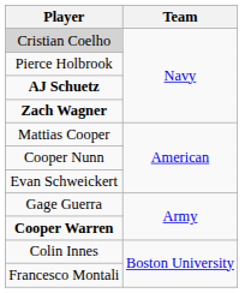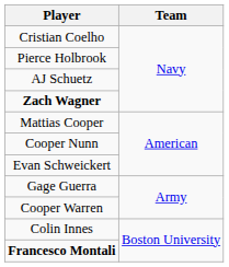 <table class="wikitable" style="text-align: center;">
 <tr>
 <th>Player</th>
 <th>Team</th>
 </tr>
 <tr>
-<td style="background: lightgrey;">Cristian Coelho</td>
+<td>Cristian Coelho</td>
 <td rowspan=4><a href='#'>Navy</a></td>
 </tr>
 <tr>
 <td>Pierce Holbrook</td>
 </tr>
 <tr>
-<td><strong>AJ Schuetz</strong></td>
+<td>AJ Schuetz</td>
 </tr>
 <tr>
 <td><strong>Zach Wagner</strong></td>
 </tr>
 <tr>
 <td>Mattias Cooper</td>
 <td rowspan=3><a href='#'>American</a></td>
 </tr>
 <tr>
 <td>Cooper Nunn</td>
 </tr>
 <tr>
 <td>Evan Schweickert</td>
 </tr>
 <tr>
 <td>Gage Guerra</td>
 <td rowspan=2><a href='#'>Army</a></td>
 </tr>
 <tr>
-<td><strong>Cooper Warren</strong></td>
+<td>Cooper Warren</td>
 </tr>
 <tr>
 <td>Colin Innes</td>
 <td rowspan=2><a href='#'>Boston University</a></td>
 </tr>
 <tr>
-<td>Francesco Montali</td>
+<td><strong>Francesco Montali</strong></td>
 </tr>
 </table>
